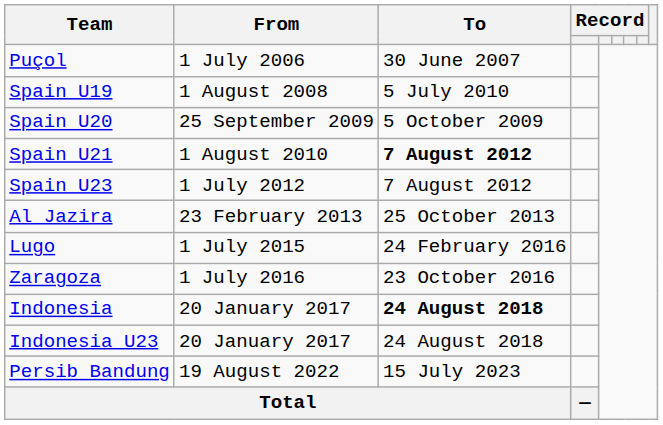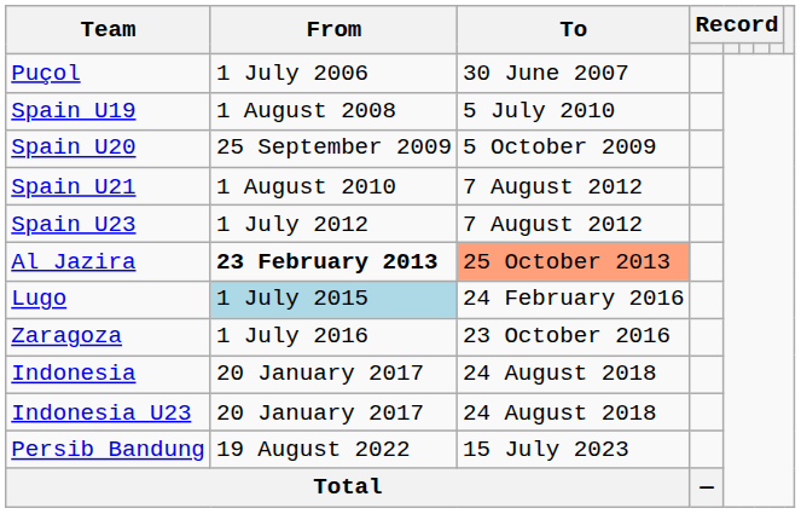 <table class=wikitable style="text-align:center">
 <tr>
 <th rowspan=2>Team</th>
 <th rowspan=2>From</th>
 <th rowspan=2>To</th>
 <th colspan=5>Record</th>
 <th rowspan=2></th>
 </tr>
 <tr>
 <th></th>
 <th></th>
 <th></th>
 <th></th>
 <th></th>
 </tr>
 <tr>
 <td align=left><a href='#'>Puçol</a></td>
 <td align=left>1 July 2006</td>
 <td align=left>30 June 2007<br></td>
 <td></td>
 </tr>
 <tr>
 <td align=left><a href='#'>Spain U19</a></td>
 <td align=left>1 August 2008</td>
 <td align=left>5 July 2010<br></td>
 <td></td>
 </tr>
 <tr>
 <td align=left><a href='#'>Spain U20</a></td>
 <td align=left>25 September 2009</td>
 <td align=left>5 October 2009<br></td>
 <td></td>
 </tr>
 <tr>
 <td align=left><a href='#'>Spain U21</a></td>
 <td align=left>1 August 2010</td>
-<td align=left><strong>7 August 2012<br></strong></td>
+<td align=left>7 August 2012<br></td>
 <td></td>
 </tr>
 <tr>
 <td align=left><a href='#'>Spain U23</a></td>
 <td align=left>1 July 2012</td>
 <td align=left>7 August 2012<br></td>
 <td></td>
 </tr>
 <tr>
 <td align=left><a href='#'>Al Jazira</a></td>
-<td align=left>23 February 2013</td>
-<td align=left>25 October 2013<br></td>
+<td align=left><strong>23 February 2013</strong></td>
+<td align=left style="background: lightsalmon;">25 October 2013<br></td>
 <td></td>
 </tr>
 <tr>
 <td align=left><a href='#'>Lugo</a></td>
-<td align=left>1 July 2015</td>
+<td align=left style="background: lightblue;">1 July 2015</td>
 <td align=left>24 February 2016<br></td>
 <td></td>
 </tr>
 <tr>
 <td align=left><a href='#'>Zaragoza</a></td>
 <td align=left>1 July 2016</td>
 <td align=left>23 October 2016<br></td>
 <td></td>
 </tr>
 <tr>
 <td align=left><a href='#'>Indonesia</a></td>
 <td align=left>20 January 2017</td>
-<td align=left><strong>24 August 2018<br></strong></td>
+<td align=left>24 August 2018<br></td>
 <td></td>
 </tr>
 <tr>
 <td align=left><a href='#'>Indonesia U23</a></td>
 <td align=left>20 January 2017</td>
 <td align=left>24 August 2018<br></td>
 <td></td>
 </tr>
 <tr>
 <td align=left><a href='#'>Persib Bandung</a></td>
 <td align=left>19 August 2022</td>
 <td align=left>15 July 2023<br></td>
 <td></td>
 </tr>
 <tr>
 <th colspan=3>Total<br></th>
 <th>—</th>
 </tr>
 </table>
